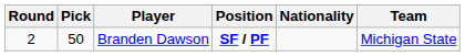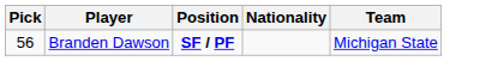 <table class="wikitable sortable sortable">
 <tr>
-<th style="background:#">Round</th>
 <th style="background:#">Pick</th>
 <th style="background:#">Player</th>
 <th style="background:#">Position</th>
 <th style="background:#">Nationality</th>
 <th style="background:#">Team</th>
 </tr>
 <tr style="text-align: center">
-<td>2</td>
-<td>50</td>
+<td>56</td>
 <td><a href='#'>Branden Dawson</a></td>
 <td><strong><a href='#'>SF</a> / <a href='#'>PF</a></strong></td>
 <td></td>
 <td><a href='#'>Michigan State</a></td>
 </tr>
 </table>
